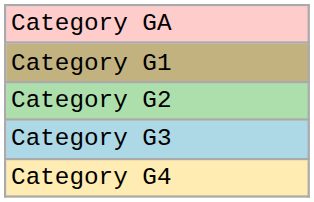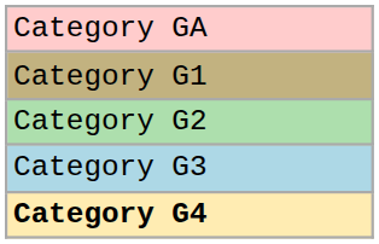 <table class="wikitable" style="font-size:85%;" width=11%>
 <tr bgcolor=#ffcccc>
 <td>Category GA</td>
 </tr>
 <tr bgcolor=#C2B280>
 <td>Category G1</td>
 </tr>
 <tr bgcolor="#ADDFAD">
 <td>Category G2</td>
 </tr>
 <tr bgcolor="lightblue">
 <td>Category G3</td>
 </tr>
 <tr bgcolor=#ffecb2>
-<td>Category G4</td>
+<td><strong>Category G4</strong></td>
 </tr>
 </table>
